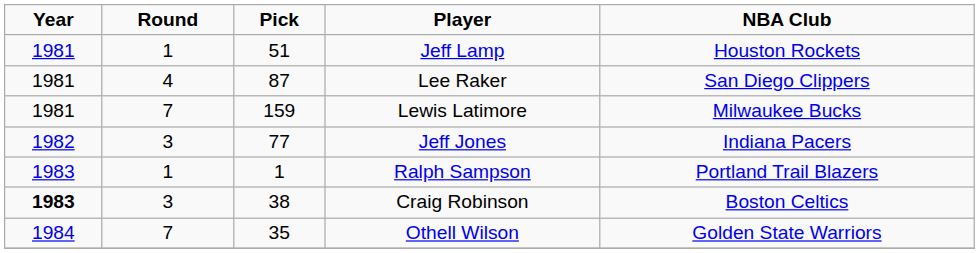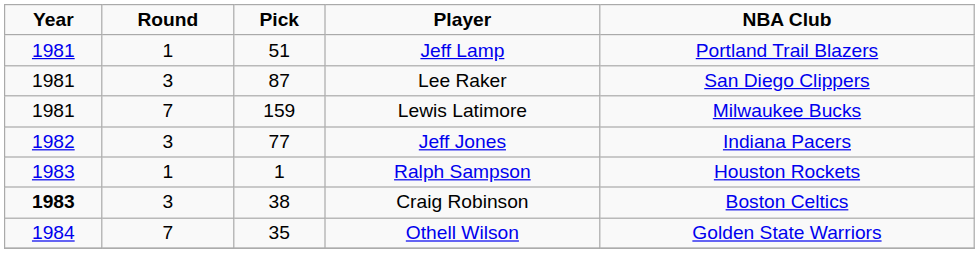 <table class="wikitable" width="64%">
 <tr align="center">
 <td><strong>Year</strong></td>
 <td><strong>Round</strong></td>
 <td><strong>Pick</strong></td>
 <td><strong>Player</strong></td>
 <td><strong>NBA Club</strong></td>
 </tr>
 <tr align="center" bgcolor="">
 <td><a href='#'>1981</a></td>
 <td>1</td>
 <td>51</td>
 <td><a href='#'>Jeff Lamp</a></td>
-<td><a href='#'>Houston Rockets</a></td>
+<td><a href='#'>Portland Trail Blazers</a></td>
 </tr>
 <tr align="center" bgcolor="">
 <td>1981</td>
-<td>4</td>
+<td>3</td>
 <td>87</td>
 <td>Lee Raker</td>
 <td><a href='#'>San Diego Clippers</a></td>
 </tr>
 <tr align="center" bgcolor="">
 <td>1981</td>
 <td>7</td>
 <td>159</td>
 <td>Lewis Latimore</td>
 <td><a href='#'>Milwaukee Bucks</a></td>
 </tr>
 <tr align="center" bgcolor="">
 <td><a href='#'>1982</a></td>
 <td>3</td>
 <td>77</td>
 <td><a href='#'>Jeff Jones</a></td>
 <td><a href='#'>Indiana Pacers</a></td>
 </tr>
 <tr align="center" bgcolor="">
 <td><a href='#'>1983</a></td>
 <td>1</td>
 <td>1</td>
 <td><a href='#'>Ralph Sampson</a></td>
-<td><a href='#'>Portland Trail Blazers</a></td>
+<td><a href='#'>Houston Rockets</a></td>
 </tr>
 <tr align="center" bgcolor="">
 <td><strong>1983</strong></td>
 <td>3</td>
 <td>38</td>
 <td>Craig Robinson</td>
 <td><a href='#'>Boston Celtics</a></td>
 </tr>
 <tr align="center" bgcolor="">
 <td><a href='#'>1984</a></td>
 <td>7</td>
 <td>35</td>
 <td><a href='#'>Othell Wilson</a></td>
 <td><a href='#'>Golden State Warriors</a></td>
 </tr>
 <tr align="center" bgcolor="">
 </tr>
 </table>
